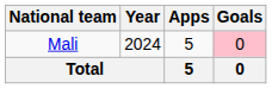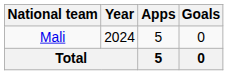 <table class="wikitable" style="text-align:center">
 <tr>
 <th>National team</th>
 <th>Year</th>
 <th>Apps</th>
 <th>Goals</th>
 </tr>
 <tr>
 <td rowspan="1"><a href='#'>Mali</a></td>
 <td>2024</td>
 <td>5</td>
-<td style="background: pink;">0</td>
+<td>0</td>
 </tr>
 <tr>
 <th colspan="2">Total</th>
 <th>5</th>
 <th>0</th>
 </tr>
 </table>
